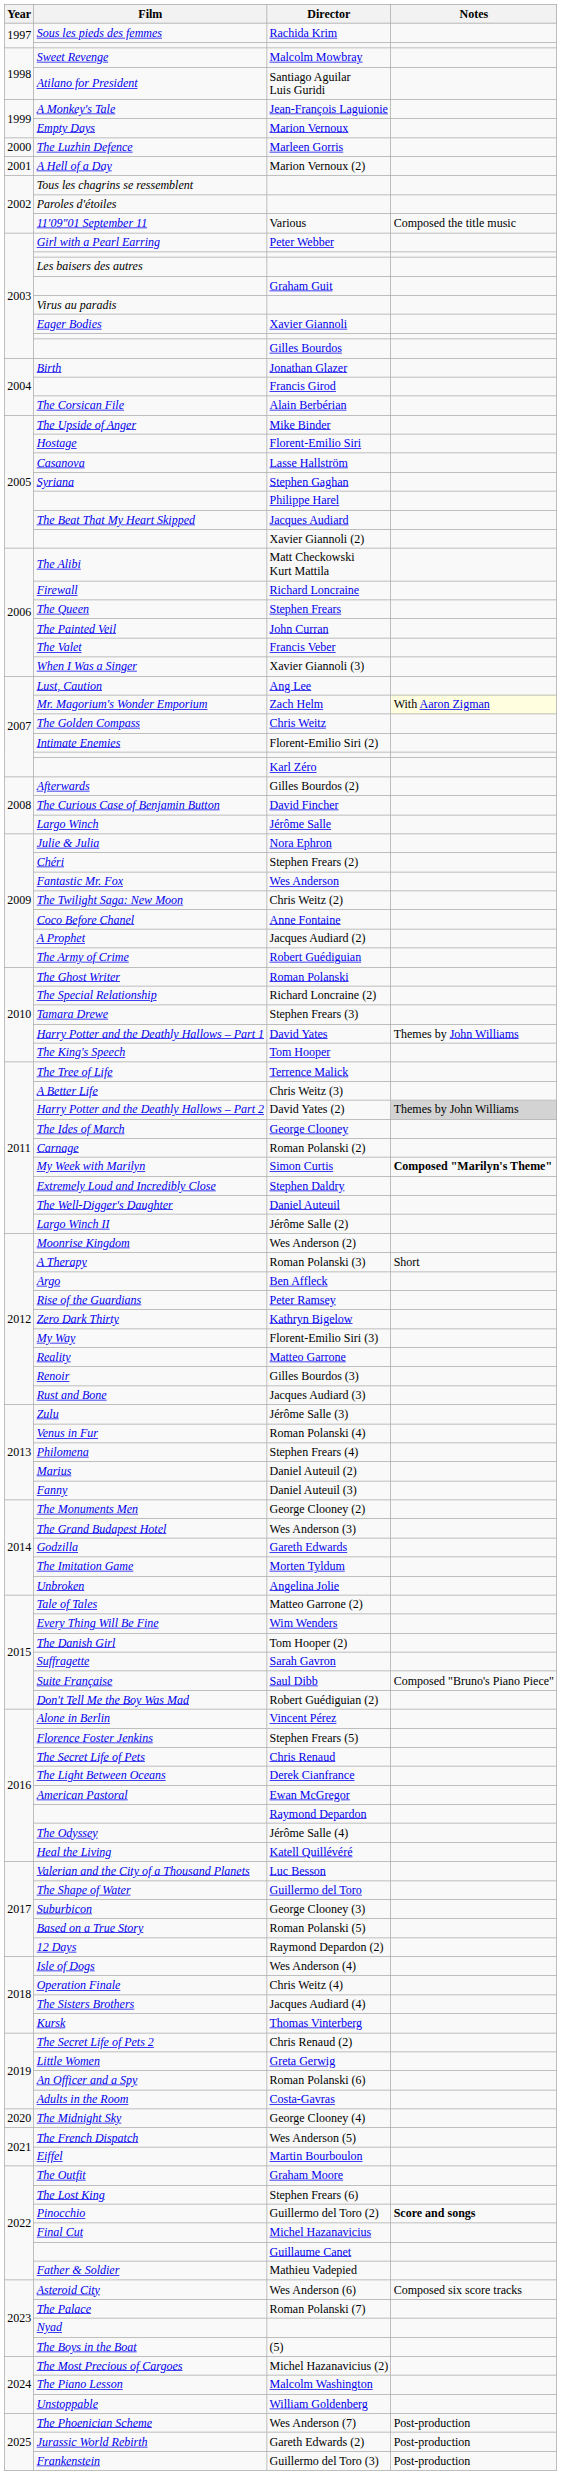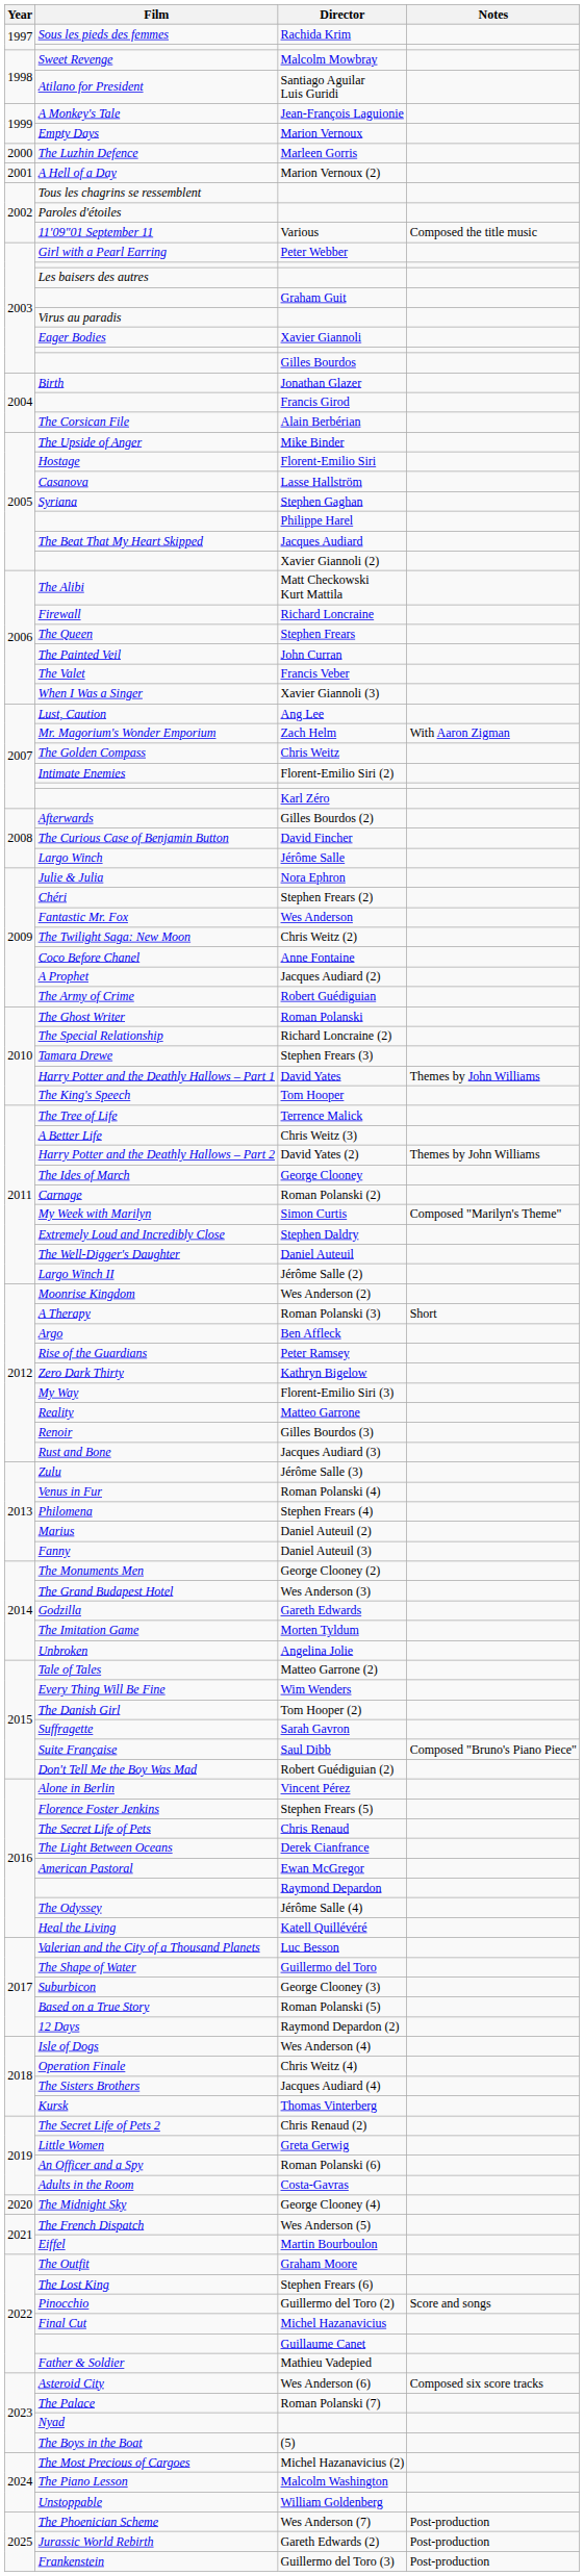 <table class="wikitable sortable">
 <tr style="background:#ccc; text-align:center;">
 <th>Year</th>
 <th>Film</th>
 <th>Director</th>
 <th>Notes</th>
 </tr>
 <tr>
 <td rowspan="2">1997</td>
 <td><em><a href='#'>Sous les pieds des femmes</a></em></td>
 <td><a href='#'>Rachida Krim</a></td>
 <td></td>
 </tr>
 <tr>
 <td><em></em></td>
 <td></td>
 <td></td>
 </tr>
 <tr>
 <td rowspan="2">1998</td>
 <td><em><a href='#'>Sweet Revenge</a></em></td>
 <td><a href='#'>Malcolm Mowbray</a></td>
 <td></td>
 </tr>
 <tr>
 <td><em><a href='#'>Atilano for President</a></em></td>
 <td>Santiago Aguilar<br>Luis Guridi</td>
 <td></td>
 </tr>
 <tr>
 <td rowspan="2">1999</td>
 <td><em><a href='#'>A Monkey's Tale</a></em></td>
 <td><a href='#'>Jean-François Laguionie</a></td>
 <td></td>
 </tr>
 <tr>
 <td><em><a href='#'>Empty Days</a></em></td>
 <td><a href='#'>Marion Vernoux</a></td>
 <td></td>
 </tr>
 <tr>
 <td>2000</td>
 <td><em><a href='#'>The Luzhin Defence</a></em></td>
 <td><a href='#'>Marleen Gorris</a></td>
 <td></td>
 </tr>
 <tr>
 <td>2001</td>
 <td><em><a href='#'>A Hell of a Day</a></em></td>
 <td>Marion Vernoux (2)</td>
 <td></td>
 </tr>
 <tr>
 <td rowspan="3">2002</td>
 <td><em>Tous les chagrins se ressemblent</em></td>
 <td></td>
 <td></td>
 </tr>
 <tr>
 <td><em>Paroles d'étoiles</em></td>
 <td></td>
 <td></td>
 </tr>
 <tr>
 <td><em><a href='#'>11′09″01 September 11</a></em></td>
 <td>Various</td>
 <td>Composed the title music</td>
 </tr>
 <tr>
 <td rowspan="8">2003</td>
 <td><em><a href='#'>Girl with a Pearl Earring</a></em></td>
 <td><a href='#'>Peter Webber</a></td>
 <td></td>
 </tr>
 <tr>
 <td><em></em></td>
 <td></td>
 <td></td>
 </tr>
 <tr>
 <td><em>Les baisers des autres</em></td>
 <td></td>
 <td></td>
 </tr>
 <tr>
 <td><em></em></td>
 <td><a href='#'>Graham Guit</a></td>
 <td></td>
 </tr>
 <tr>
 <td><em>Virus au paradis</em></td>
 <td></td>
 <td></td>
 </tr>
 <tr>
 <td><em><a href='#'>Eager Bodies</a></em></td>
 <td><a href='#'>Xavier Giannoli</a></td>
 <td></td>
 </tr>
 <tr>
 <td><em></em></td>
 <td></td>
 <td></td>
 </tr>
 <tr>
 <td><em></em></td>
 <td><a href='#'>Gilles Bourdos</a></td>
 <td></td>
 </tr>
 <tr>
 <td rowspan="3">2004</td>
 <td><em><a href='#'>Birth</a></em></td>
 <td><a href='#'>Jonathan Glazer</a></td>
 <td></td>
 </tr>
 <tr>
 <td><em></em></td>
 <td><a href='#'>Francis Girod</a></td>
 <td></td>
 </tr>
 <tr>
 <td><em><a href='#'>The Corsican File</a></em></td>
 <td><a href='#'>Alain Berbérian</a></td>
 <td></td>
 </tr>
 <tr>
 <td rowspan="7">2005</td>
 <td><em><a href='#'>The Upside of Anger</a></em></td>
 <td><a href='#'>Mike Binder</a></td>
 <td></td>
 </tr>
 <tr>
 <td><em><a href='#'>Hostage</a></em></td>
 <td><a href='#'>Florent-Emilio Siri</a></td>
 <td></td>
 </tr>
 <tr>
 <td><em><a href='#'>Casanova</a></em></td>
 <td><a href='#'>Lasse Hallström</a></td>
 <td></td>
 </tr>
 <tr>
 <td><em><a href='#'>Syriana</a></em></td>
 <td><a href='#'>Stephen Gaghan</a></td>
 <td></td>
 </tr>
 <tr>
 <td><em></em></td>
 <td><a href='#'>Philippe Harel</a></td>
 <td></td>
 </tr>
 <tr>
 <td><em><a href='#'>The Beat That My Heart Skipped</a></em></td>
 <td><a href='#'>Jacques Audiard</a></td>
 <td></td>
 </tr>
 <tr>
 <td><em></em></td>
 <td>Xavier Giannoli (2)</td>
 <td></td>
 </tr>
 <tr>
 <td rowspan="6">2006</td>
 <td><em><a href='#'>The Alibi</a></em></td>
 <td>Matt Checkowski<br>Kurt Mattila</td>
 <td></td>
 </tr>
 <tr>
 <td><em><a href='#'>Firewall</a></em></td>
 <td><a href='#'>Richard Loncraine</a></td>
 <td></td>
 </tr>
 <tr>
 <td><em><a href='#'>The Queen</a></em></td>
 <td><a href='#'>Stephen Frears</a></td>
 <td></td>
 </tr>
 <tr>
 <td><em><a href='#'>The Painted Veil</a></em></td>
 <td><a href='#'>John Curran</a></td>
 <td></td>
 </tr>
 <tr>
 <td><em><a href='#'>The Valet</a></em></td>
 <td><a href='#'>Francis Veber</a></td>
 <td></td>
 </tr>
 <tr>
 <td><em><a href='#'>When I Was a Singer</a></em></td>
 <td>Xavier Giannoli (3)</td>
 <td></td>
 </tr>
 <tr>
 <td rowspan="6">2007</td>
 <td><em><a href='#'>Lust, Caution</a></em></td>
 <td><a href='#'>Ang Lee</a></td>
 <td></td>
 </tr>
 <tr>
 <td><em><a href='#'>Mr. Magorium's Wonder Emporium</a></em></td>
 <td><a href='#'>Zach Helm</a></td>
-<td style="background: lightyellow;">With <a href='#'>Aaron Zigman</a></td>
+<td>With <a href='#'>Aaron Zigman</a></td>
 </tr>
 <tr>
 <td><em><a href='#'>The Golden Compass</a></em></td>
 <td><a href='#'>Chris Weitz</a></td>
 <td></td>
 </tr>
 <tr>
 <td><em><a href='#'>Intimate Enemies</a></em></td>
 <td>Florent-Emilio Siri (2)</td>
 <td></td>
 </tr>
 <tr>
 <td><em></em></td>
 <td></td>
 <td></td>
 </tr>
 <tr>
 <td><em></em></td>
 <td><a href='#'>Karl Zéro</a><br></td>
 <td></td>
 </tr>
 <tr>
 <td rowspan="3">2008</td>
 <td><em><a href='#'>Afterwards</a></em></td>
 <td>Gilles Bourdos (2)</td>
 <td></td>
 </tr>
 <tr>
 <td><em><a href='#'>The Curious Case of Benjamin Button</a></em></td>
 <td><a href='#'>David Fincher</a></td>
 <td></td>
 </tr>
 <tr>
 <td><em><a href='#'>Largo Winch</a></em></td>
 <td><a href='#'>Jérôme Salle</a></td>
 <td></td>
 </tr>
 <tr>
 <td rowspan="7">2009</td>
 <td><em><a href='#'>Julie & Julia</a></em></td>
 <td><a href='#'>Nora Ephron</a></td>
 <td></td>
 </tr>
 <tr>
 <td><em><a href='#'>Chéri</a></em></td>
 <td>Stephen Frears (2)</td>
 <td></td>
 </tr>
 <tr>
 <td><em><a href='#'>Fantastic Mr. Fox</a></em></td>
 <td><a href='#'>Wes Anderson</a></td>
 <td></td>
 </tr>
 <tr>
 <td><em><a href='#'>The Twilight Saga: New Moon</a></em></td>
 <td>Chris Weitz (2)</td>
 <td></td>
 </tr>
 <tr>
 <td><em><a href='#'>Coco Before Chanel</a></em></td>
 <td><a href='#'>Anne Fontaine</a></td>
 <td></td>
 </tr>
 <tr>
 <td><em><a href='#'>A Prophet</a></em></td>
 <td>Jacques Audiard (2)</td>
 <td></td>
 </tr>
 <tr>
 <td><em><a href='#'>The Army of Crime</a></em></td>
 <td><a href='#'>Robert Guédiguian</a></td>
 <td></td>
 </tr>
 <tr>
 <td rowspan="5">2010</td>
 <td><em><a href='#'>The Ghost Writer</a></em></td>
 <td><a href='#'>Roman Polanski</a></td>
 <td></td>
 </tr>
 <tr>
 <td><em><a href='#'>The Special Relationship</a></em></td>
 <td>Richard Loncraine (2)</td>
 <td></td>
 </tr>
 <tr>
 <td><em><a href='#'>Tamara Drewe</a></em></td>
 <td>Stephen Frears (3)</td>
 <td></td>
 </tr>
 <tr>
 <td><em><a href='#'>Harry Potter and the Deathly Hallows – Part 1</a></em></td>
 <td><a href='#'>David Yates</a></td>
 <td>Themes by <a href='#'>John Williams</a></td>
 </tr>
 <tr>
 <td><em><a href='#'>The King's Speech</a></em></td>
 <td><a href='#'>Tom Hooper</a></td>
 <td></td>
 </tr>
 <tr>
 <td rowspan="9">2011</td>
 <td><em><a href='#'>The Tree of Life</a></em></td>
 <td><a href='#'>Terrence Malick</a></td>
 <td></td>
 </tr>
 <tr>
 <td><em><a href='#'>A Better Life</a></em></td>
 <td>Chris Weitz (3)</td>
 <td></td>
 </tr>
 <tr>
 <td><em><a href='#'>Harry Potter and the Deathly Hallows – Part 2</a></em></td>
 <td>David Yates (2)</td>
-<td style="background: lightgrey;">Themes by John Williams</td>
+<td>Themes by John Williams</td>
 </tr>
 <tr>
 <td><em><a href='#'>The Ides of March</a></em></td>
 <td><a href='#'>George Clooney</a></td>
 <td></td>
 </tr>
 <tr>
 <td><em><a href='#'>Carnage</a></em></td>
 <td>Roman Polanski (2)</td>
 <td></td>
 </tr>
 <tr>
 <td><em><a href='#'>My Week with Marilyn</a></em></td>
 <td><a href='#'>Simon Curtis</a></td>
-<td><strong>Composed "Marilyn's Theme"</strong></td>
+<td>Composed "Marilyn's Theme"</td>
 </tr>
 <tr>
 <td><em><a href='#'>Extremely Loud and Incredibly Close</a></em></td>
 <td><a href='#'>Stephen Daldry</a></td>
 <td></td>
 </tr>
 <tr>
 <td><em><a href='#'>The Well-Digger's Daughter</a></em></td>
 <td><a href='#'>Daniel Auteuil</a></td>
 <td></td>
 </tr>
 <tr>
 <td><em><a href='#'>Largo Winch II</a></em></td>
 <td>Jérôme Salle (2)</td>
 <td></td>
 </tr>
 <tr>
 <td rowspan="9">2012</td>
 <td><em><a href='#'>Moonrise Kingdom</a></em></td>
 <td>Wes Anderson (2)</td>
 <td></td>
 </tr>
 <tr>
 <td><em><a href='#'>A Therapy</a></em></td>
 <td>Roman Polanski (3)</td>
 <td>Short</td>
 </tr>
 <tr>
 <td><em><a href='#'>Argo</a></em></td>
 <td><a href='#'>Ben Affleck</a></td>
 <td></td>
 </tr>
 <tr>
 <td><em><a href='#'>Rise of the Guardians</a></em></td>
 <td><a href='#'>Peter Ramsey</a></td>
 <td></td>
 </tr>
 <tr>
 <td><em><a href='#'>Zero Dark Thirty</a></em></td>
 <td><a href='#'>Kathryn Bigelow</a></td>
 <td></td>
 </tr>
 <tr>
 <td><em><a href='#'>My Way</a></em></td>
 <td>Florent-Emilio Siri (3)</td>
 <td></td>
 </tr>
 <tr>
 <td><em><a href='#'>Reality</a></em></td>
 <td><a href='#'>Matteo Garrone</a></td>
 <td></td>
 </tr>
 <tr>
 <td><em><a href='#'>Renoir</a></em></td>
 <td>Gilles Bourdos (3)</td>
 <td></td>
 </tr>
 <tr>
 <td><em><a href='#'>Rust and Bone</a></em></td>
 <td>Jacques Audiard (3)</td>
 <td></td>
 </tr>
 <tr>
 <td rowspan="5">2013</td>
 <td><em><a href='#'>Zulu</a></em></td>
 <td>Jérôme Salle (3)</td>
 <td></td>
 </tr>
 <tr>
 <td><em><a href='#'>Venus in Fur</a></em></td>
 <td>Roman Polanski (4)</td>
 <td></td>
 </tr>
 <tr>
 <td><em><a href='#'>Philomena</a></em></td>
 <td>Stephen Frears (4)</td>
 <td></td>
 </tr>
 <tr>
 <td><em><a href='#'>Marius</a></em></td>
 <td>Daniel Auteuil (2)</td>
 <td></td>
 </tr>
 <tr>
 <td><em><a href='#'>Fanny</a></em></td>
 <td>Daniel Auteuil (3)</td>
 <td></td>
 </tr>
 <tr>
 <td rowspan="5">2014</td>
 <td><em><a href='#'>The Monuments Men</a></em></td>
 <td>George Clooney (2)</td>
 <td></td>
 </tr>
 <tr>
 <td><em><a href='#'>The Grand Budapest Hotel</a></em></td>
 <td>Wes Anderson (3)</td>
 <td></td>
 </tr>
 <tr>
 <td><em><a href='#'>Godzilla</a></em></td>
 <td><a href='#'>Gareth Edwards</a></td>
 <td></td>
 </tr>
 <tr>
 <td><em><a href='#'>The Imitation Game</a></em></td>
 <td><a href='#'>Morten Tyldum</a></td>
 <td></td>
 </tr>
 <tr>
 <td><em><a href='#'>Unbroken</a></em></td>
 <td><a href='#'>Angelina Jolie</a></td>
 <td></td>
 </tr>
 <tr>
 <td rowspan="6">2015</td>
 <td><em><a href='#'>Tale of Tales</a></em></td>
 <td>Matteo Garrone (2)</td>
 <td></td>
 </tr>
 <tr>
 <td><em><a href='#'>Every Thing Will Be Fine</a></em></td>
 <td><a href='#'>Wim Wenders</a></td>
 <td></td>
 </tr>
 <tr>
 <td><em><a href='#'>The Danish Girl</a></em></td>
 <td>Tom Hooper (2)</td>
 <td></td>
 </tr>
 <tr>
 <td><em><a href='#'>Suffragette</a></em></td>
 <td><a href='#'>Sarah Gavron</a></td>
 <td></td>
 </tr>
 <tr>
 <td><em><a href='#'>Suite Française</a></em></td>
 <td><a href='#'>Saul Dibb</a></td>
 <td>Composed "Bruno's Piano Piece"</td>
 </tr>
 <tr>
 <td><em><a href='#'>Don't Tell Me the Boy Was Mad</a></em></td>
 <td>Robert Guédiguian (2)</td>
 <td></td>
 </tr>
 <tr>
 <td rowspan="8">2016</td>
 <td><em><a href='#'>Alone in Berlin</a></em></td>
 <td><a href='#'>Vincent Pérez</a></td>
 <td></td>
 </tr>
 <tr>
 <td><em><a href='#'>Florence Foster Jenkins</a></em></td>
 <td>Stephen Frears (5)</td>
 <td></td>
 </tr>
 <tr>
 <td><em><a href='#'>The Secret Life of Pets</a></em></td>
 <td><a href='#'>Chris Renaud</a></td>
 <td></td>
 </tr>
 <tr>
 <td><em><a href='#'>The Light Between Oceans</a></em></td>
 <td><a href='#'>Derek Cianfrance</a></td>
 <td></td>
 </tr>
 <tr>
 <td><em><a href='#'>American Pastoral</a></em></td>
 <td><a href='#'>Ewan McGregor</a></td>
 <td></td>
 </tr>
 <tr>
 <td><em></em></td>
 <td><a href='#'>Raymond Depardon</a></td>
 <td></td>
 </tr>
 <tr>
 <td><em><a href='#'>The Odyssey</a></em></td>
 <td>Jérôme Salle (4)</td>
 <td></td>
 </tr>
 <tr>
 <td><em><a href='#'>Heal the Living</a></em></td>
 <td><a href='#'>Katell Quillévéré</a></td>
 <td></td>
 </tr>
 <tr>
 <td rowspan="5">2017</td>
 <td><em><a href='#'>Valerian and the City of a Thousand Planets</a></em></td>
 <td><a href='#'>Luc Besson</a></td>
 <td></td>
 </tr>
 <tr>
 <td><em><a href='#'>The Shape of Water</a></em></td>
 <td><a href='#'>Guillermo del Toro</a></td>
 <td></td>
 </tr>
 <tr>
 <td><em><a href='#'>Suburbicon</a></em></td>
 <td>George Clooney (3)</td>
 <td></td>
 </tr>
 <tr>
 <td><em><a href='#'>Based on a True Story</a></em></td>
 <td>Roman Polanski (5)</td>
 <td></td>
 </tr>
 <tr>
 <td><em><a href='#'>12 Days</a></em></td>
 <td>Raymond Depardon (2)</td>
 <td></td>
 </tr>
 <tr>
 <td rowspan="4">2018</td>
 <td><em><a href='#'>Isle of Dogs</a></em></td>
 <td>Wes Anderson (4)</td>
 <td></td>
 </tr>
 <tr>
 <td><em><a href='#'>Operation Finale</a></em></td>
 <td>Chris Weitz (4)</td>
 <td></td>
 </tr>
 <tr>
 <td><em><a href='#'>The Sisters Brothers</a></em></td>
 <td>Jacques Audiard (4)</td>
 <td></td>
 </tr>
 <tr>
 <td><em><a href='#'>Kursk</a></em></td>
 <td><a href='#'>Thomas Vinterberg</a></td>
 <td></td>
 </tr>
 <tr>
 <td rowspan="4">2019</td>
 <td><em><a href='#'>The Secret Life of Pets 2</a></em></td>
 <td>Chris Renaud (2)</td>
 <td></td>
 </tr>
 <tr>
 <td><em><a href='#'>Little Women</a></em></td>
 <td><a href='#'>Greta Gerwig</a></td>
 <td></td>
 </tr>
 <tr>
 <td><em><a href='#'>An Officer and a Spy</a></em></td>
 <td>Roman Polanski (6)</td>
 <td></td>
 </tr>
 <tr>
 <td><em><a href='#'>Adults in the Room</a></em></td>
 <td><a href='#'>Costa-Gavras</a></td>
 <td></td>
 </tr>
 <tr>
 <td>2020</td>
 <td><em><a href='#'>The Midnight Sky</a></em></td>
 <td>George Clooney (4)</td>
 <td></td>
 </tr>
 <tr>
 <td rowspan="2">2021</td>
 <td><em><a href='#'>The French Dispatch</a></em></td>
 <td>Wes Anderson (5)</td>
 <td></td>
 </tr>
 <tr>
 <td><em><a href='#'>Eiffel</a></em></td>
 <td><a href='#'>Martin Bourboulon</a></td>
 <td></td>
 </tr>
 <tr>
 <td rowspan="6">2022</td>
 <td><em><a href='#'>The Outfit</a></em></td>
 <td><a href='#'>Graham Moore</a></td>
 <td></td>
 </tr>
 <tr>
 <td><em><a href='#'>The Lost King</a></em></td>
 <td>Stephen Frears (6)</td>
 <td></td>
 </tr>
 <tr>
 <td><em><a href='#'>Pinocchio</a></em></td>
 <td>Guillermo del Toro (2)</td>
-<td><strong>Score and songs</strong></td>
+<td>Score and songs</td>
 </tr>
 <tr>
 <td><em><a href='#'>Final Cut</a></em></td>
 <td><a href='#'>Michel Hazanavicius</a></td>
 <td></td>
 </tr>
 <tr>
 <td><em></em></td>
 <td><a href='#'>Guillaume Canet</a></td>
 <td></td>
 </tr>
 <tr>
 <td><em><a href='#'>Father & Soldier</a></em></td>
 <td>Mathieu Vadepied</td>
 <td></td>
 </tr>
 <tr>
 <td rowspan="4">2023</td>
 <td><em><a href='#'>Asteroid City</a></em></td>
 <td>Wes Anderson (6)</td>
 <td>Composed six score tracks</td>
 </tr>
 <tr>
 <td><em><a href='#'>The Palace</a></em></td>
 <td>Roman Polanski (7)</td>
 <td></td>
 </tr>
 <tr>
 <td><em><a href='#'>Nyad</a></em></td>
 <td></td>
 <td></td>
 </tr>
 <tr>
 <td><em><a href='#'>The Boys in the Boat</a></em></td>
 <td> (5)</td>
 <td></td>
 </tr>
 <tr>
 <td rowspan="3">2024</td>
 <td><em><a href='#'>The Most Precious of Cargoes</a></em></td>
 <td>Michel Hazanavicius (2)</td>
 <td></td>
 </tr>
 <tr>
 <td><em><a href='#'>The Piano Lesson</a></em></td>
 <td><a href='#'>Malcolm Washington</a></td>
 <td></td>
 </tr>
 <tr>
 <td><em><a href='#'>Unstoppable</a></em></td>
 <td><a href='#'>William Goldenberg</a></td>
 <td></td>
 </tr>
 <tr>
 <td rowspan="3">2025</td>
 <td><em><a href='#'>The Phoenician Scheme</a></em></td>
 <td>Wes Anderson (7)</td>
 <td>Post-production</td>
 </tr>
 <tr>
 <td><em><a href='#'>Jurassic World Rebirth</a></em></td>
 <td>Gareth Edwards (2)</td>
 <td>Post-production</td>
 </tr>
 <tr>
 <td><em><a href='#'>Frankenstein</a></em></td>
 <td>Guillermo del Toro (3)</td>
 <td>Post-production</td>
 </tr>
 </table>
